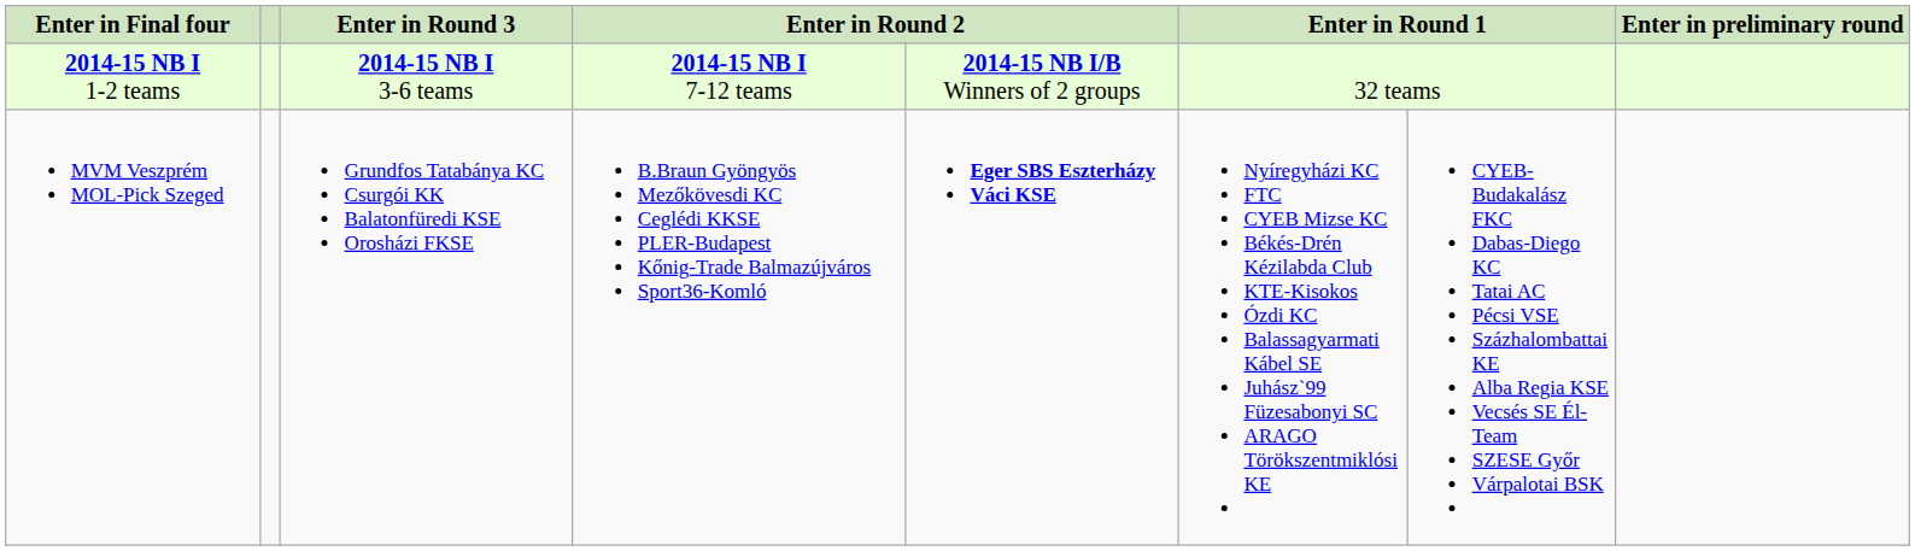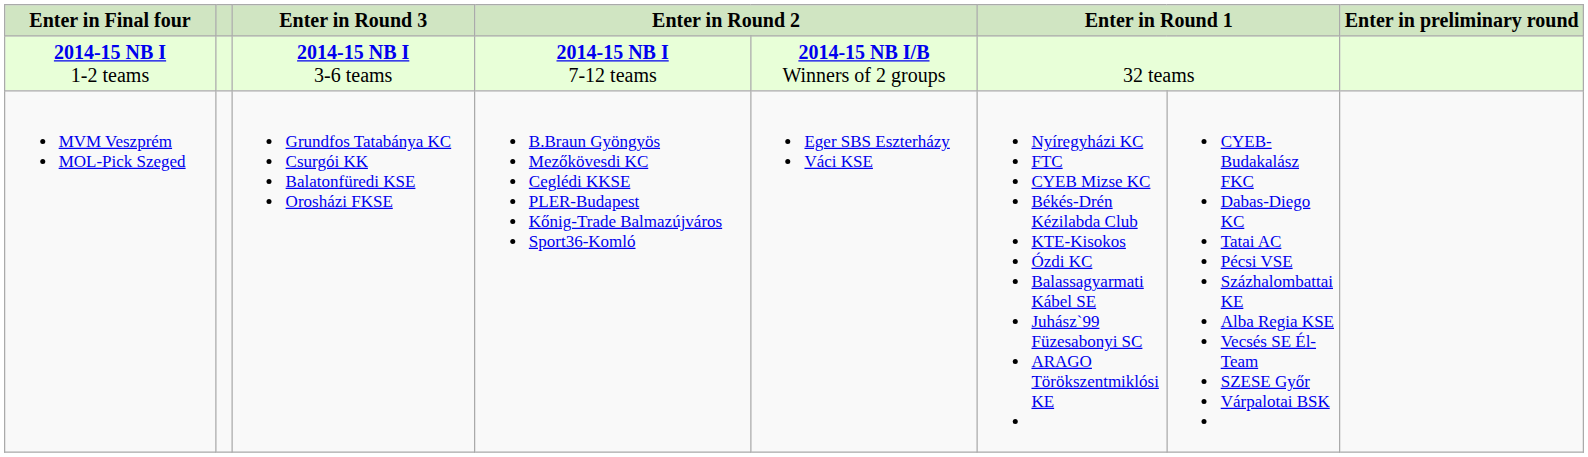 <table class="wikitable" style="width:100%;">
 <tr style="background:#d0e5c2; text-align:center;">
 <td style="width:13%;"><strong>Enter in Final four</strong></td>
 <td style="width:1%;"></td>
 <td style="width:15%;"><strong>Enter in Round 3</strong></td>
 <td style="width:31%;" colspan="2"><strong>Enter in Round 2</strong></td>
 <td style="width:16%;" colspan="2"><strong>Enter in Round 1</strong></td>
 <td style="width:28%;" colspan="2"><strong>Enter in preliminary round</strong></td>
 </tr>
 <tr style="background:#e8ffd8;">
 <td style="text-align:center; width:13%;"><strong><a href='#'>2014-15 NB I</a></strong><br>1-2 teams</td>
 <td style="text-align:center; width:1%;"></td>
 <td style="text-align:center; width:15%;"><strong><a href='#'>2014-15 NB I</a></strong><br>3-6 teams</td>
 <td style="text-align:center; width:17%;"><strong><a href='#'>2014-15 NB I</a></strong><br>7-12 teams</td>
 <td style="text-align:center; width:14%;"><strong><a href='#'>2014-15 NB I/B</a></strong><br>Winners of 2 groups</td>
 <td style="text-align:center; width:34%;" colspan="2"><strong> </strong><br>32 teams</td>
 <td style="text-align:center; width:15%;"></td>
 </tr>
 <tr style="vertical-align:top; font-size:85%;">
 <td><br><ul><li><a href='#'>MVM Veszprém</a></li><li><a href='#'>MOL-Pick Szeged</a></li></ul></td>
 <td></td>
 <td><br><ul><li><a href='#'>Grundfos Tatabánya KC</a></li><li><a href='#'>Csurgói KK</a></li><li><a href='#'>Balatonfüredi KSE</a></li><li><a href='#'>Orosházi FKSE</a></li></ul></td>
 <td><br><ul><li><a href='#'>B.Braun Gyöngyös</a></li><li><a href='#'>Mezőkövesdi KC</a></li><li><a href='#'>Ceglédi KKSE</a></li><li><a href='#'>PLER-Budapest</a></li><li><a href='#'>Kőnig-Trade Balmazújváros</a></li><li><a href='#'>Sport36-Komló</a></li></ul></td>
-<td><strong><br><ul><li><a href='#'>Eger SBS Eszterházy</a></li><li><a href='#'>Váci KSE</a></li></ul></strong></td>
+<td><br><ul><li><a href='#'>Eger SBS Eszterházy</a></li><li><a href='#'>Váci KSE</a></li></ul></td>
 <td><br><ul><li><a href='#'>Nyíregyházi KC</a></li><li><a href='#'>FTC</a></li><li><a href='#'>CYEB Mizse KC</a></li><li><a href='#'>Békés-Drén Kézilabda Club</a></li><li><a href='#'>KTE-Kisokos</a></li><li><a href='#'>Ózdi KC</a></li><li><a href='#'>Balassagyarmati Kábel SE</a></li><li><a href='#'>Juhász`99 Füzesabonyi SC</a></li><li><a href='#'>ARAGO Törökszentmiklósi KE</a></li><li></li></ul></td>
 <td><br><ul><li><a href='#'>CYEB-Budakalász FKC</a></li><li><a href='#'>Dabas-Diego KC</a></li><li><a href='#'>Tatai AC</a></li><li><a href='#'>Pécsi VSE</a></li><li><a href='#'>Százhalombattai KE</a></li><li><a href='#'>Alba Regia KSE</a></li><li><a href='#'>Vecsés SE Él-Team</a></li><li><a href='#'>SZESE Győr</a></li><li><a href='#'>Várpalotai BSK</a></li><li></li></ul></td>
 </tr>
 </table>
